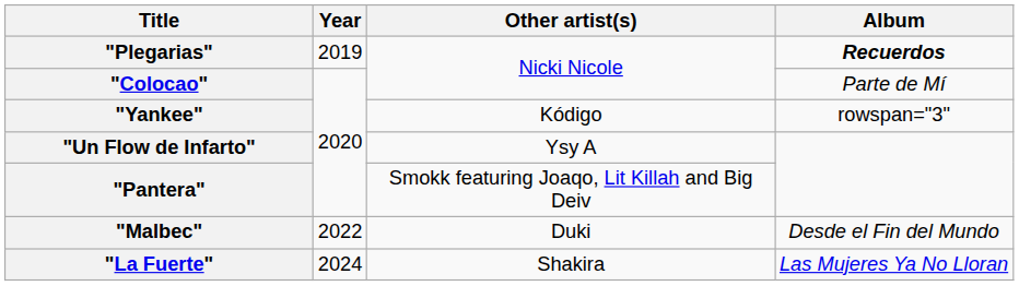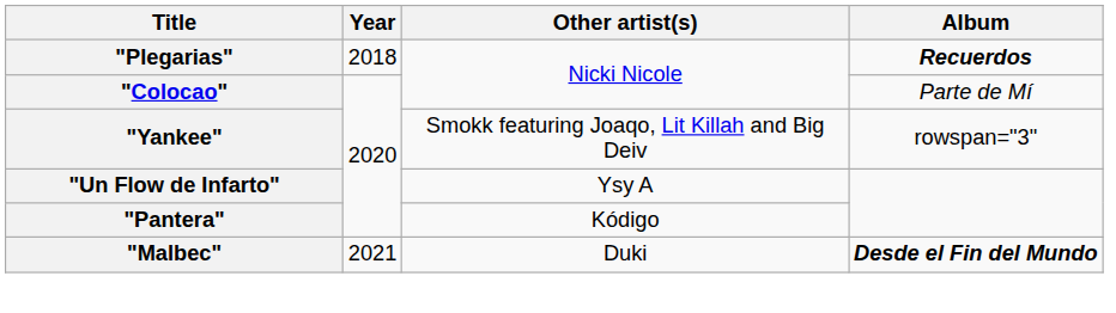 <table class="wikitable plainrowheaders" style="text-align:center;">
 <tr>
 <th scope="col" style="width:15em;">Title</th>
 <th scope="col">Year</th>
 <th scope="col" style="width:20em;">Other artist(s)</th>
 <th scope="col">Album</th>
 </tr>
 <tr>
 <th scope="row">"Plegarias"</th>
-<td>2019</td>
+<td>2018</td>
 <td rowspan="2"><a href='#'>Nicki Nicole</a></td>
 <td><strong><em>Recuerdos</em></strong></td>
 </tr>
 <tr>
 <th scope="row">"<a href='#'>Colocao</a>"</th>
 <td rowspan="4">2020</td>
 <td><em>Parte de Mí</em></td>
 </tr>
 <tr>
 <th scope="row">"Yankee"</th>
-<td>Kódigo</td>
+<td>Smokk featuring Joaqo, <a href='#'>Lit Killah</a> and Big Deiv</td>
 <td>rowspan="3" </td>
 </tr>
 <tr>
 <th scope="row">"Un Flow de Infarto"</th>
 <td>Ysy A</td>
 </tr>
 <tr>
 <th scope="row">"Pantera"</th>
-<td>Smokk featuring Joaqo, <a href='#'>Lit Killah</a> and Big Deiv</td>
+<td>Kódigo</td>
 </tr>
 <tr>
 <th scope="row">"Malbec"</th>
-<td>2022</td>
+<td>2021</td>
 <td>Duki</td>
-<td><em>Desde el Fin del Mundo</em></td>
-</tr>
-<tr>
-<th scope="row">"<a href='#'>La Fuerte</a>"</th>
-<td>2024</td>
-<td>Shakira</td>
-<td><em><a href='#'>Las Mujeres Ya No Lloran</a></em></td>
+<td><strong><em>Desde el Fin del Mundo</em></strong></td>
 </tr>
 </table>
